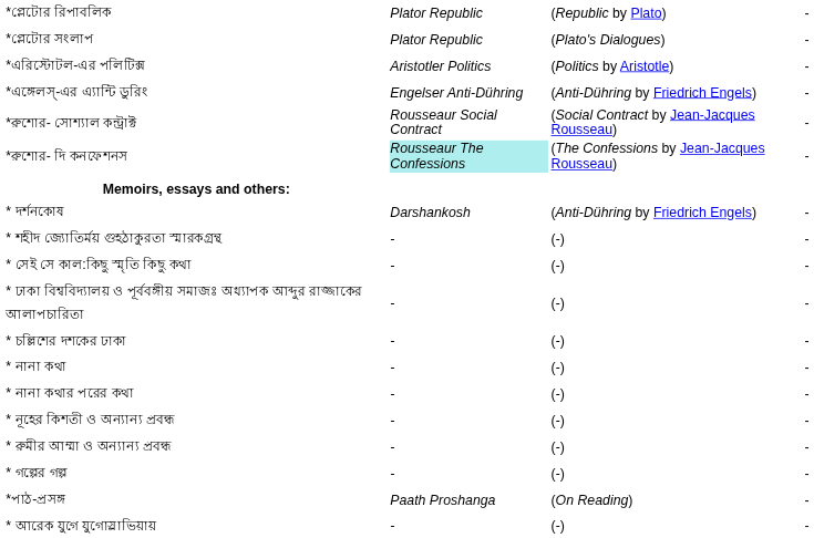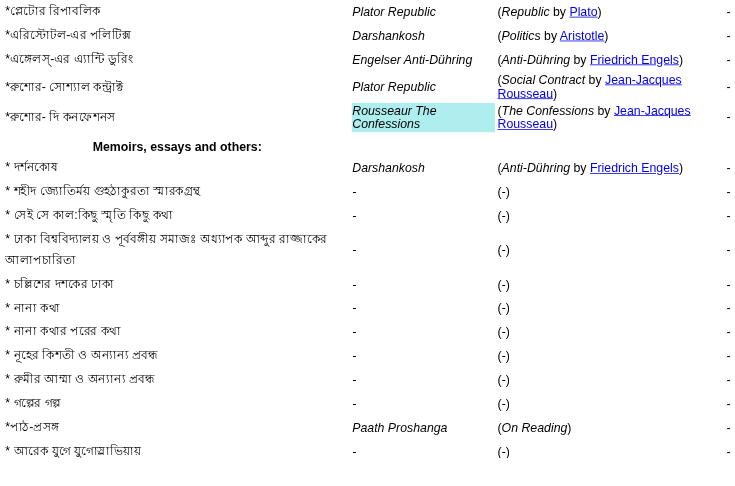 <table width = 75%>
 <tr>
 <td>*প্লেটোর রিপাবলিক</td>
 <td><em>Plator Republic</em></td>
 <td>(<em>Republic</em> by <a href='#'>Plato</a>)</td>
 <td>-</td>
 </tr>
 <tr>
-<td>*প্লেটোর সংলাপ</td>
-<td><em>Plator Republic</em></td>
-<td>(<em>Plato's Dialogues</em>)</td>
-<td>-</td>
-</tr>
-<tr>
 <td>*এরিস্টোটল-এর পলিটিক্স</td>
-<td><em>Aristotler Politics</em></td>
+<td><em>Darshankosh</em></td>
 <td>(<em>Politics</em> by <a href='#'>Aristotle</a>)</td>
 <td>-</td>
 </tr>
 <tr>
 <td>*এঙ্গেলস্‌-এর এ্যান্টি ডুরিং</td>
 <td><em>Engelser Anti-Dühring </em></td>
 <td>(<em>Anti-Dühring</em> by <a href='#'>Friedrich Engels</a>)</td>
 <td>-</td>
 </tr>
 <tr>
 <td>*রুশোর- সোশ্যাল কন্ট্রাক্ট</td>
-<td><em>Rousseaur Social Contract</em></td>
+<td><em>Plator Republic</em></td>
 <td>(<em>Social Contract</em> by <a href='#'>Jean-Jacques Rousseau</a>)</td>
 <td>-</td>
 </tr>
 <tr>
 <td>*রুশোর-  দি কনফেশনস</td>
 <td style="background: paleturquoise;"><em>Rousseaur The Confessions</em></td>
 <td>(<em>The Confessions</em> by <a href='#'>Jean-Jacques Rousseau</a>)</td>
 <td>-</td>
 </tr>
 <tr>
 </tr>
 <tr>
 </tr>
 <tr>
 </tr>
 <tr>
 </tr>
 <tr>
 <th>Memoirs, essays and others:</th>
 </tr>
 <tr>
 <td>* দর্শনকোষ</td>
 <td><em>Darshankosh</em></td>
 <td>(<em>Anti-Dühring</em> by <a href='#'>Friedrich Engels</a>)</td>
 <td>-</td>
 </tr>
 <tr>
 <td>* শহীদ জ্যোতির্ময় গুহঠাকুরতা স্মারকগ্রন্থ</td>
 <td><em>-</em></td>
 <td>(<em>-</em>)</td>
 <td>-</td>
 </tr>
 <tr>
 <td>* সেই সে কাল:কিছু স্মৃতি কিছু কথা</td>
 <td><em>-</em></td>
 <td>(<em>-</em>)</td>
 <td>-</td>
 </tr>
 <tr>
 <td>* ঢাকা বিশ্ববিদ্যালয় ও পূর্ববঙ্গীয় সমাজঃ অধ্যাপক আব্দুর রাজ্জাকের আলাপচারিতা</td>
 <td><em>-</em></td>
 <td>(<em>-</em>)</td>
 <td>-</td>
 </tr>
 <tr>
 <td>* চল্লিশের দশকের ঢাকা</td>
 <td><em>-</em></td>
 <td>(<em>-</em>)</td>
 <td>-</td>
 </tr>
 <tr>
 <td>* নানা কথা</td>
 <td><em>-</em></td>
 <td>(<em>-</em>)</td>
 <td>-</td>
 </tr>
 <tr>
 <td>* নানা কথার পরের কথা</td>
 <td><em>-</em></td>
 <td>(<em>-</em>)</td>
 <td>-</td>
 </tr>
 <tr>
 <td>* নূহের কিশতী ও অন্যান্য প্রবন্ধ</td>
 <td><em>-</em></td>
 <td>(<em>-</em>)</td>
 <td>-</td>
 </tr>
 <tr>
 <td>* রুমীর আম্মা ও অন্যান্য প্রবন্ধ</td>
 <td><em>-</em></td>
 <td>(<em>-</em>)</td>
 <td>-</td>
 </tr>
 <tr>
 <td>* গল্পের গল্প</td>
 <td><em>-</em></td>
 <td>(<em>-</em>)</td>
 <td>-</td>
 </tr>
 <tr>
 <td>*পাঠ-প্রসঙ্গ</td>
 <td><em>Paath Proshanga</em></td>
 <td>(<em>On Reading</em>)</td>
 <td>-</td>
 </tr>
 <tr>
 <td>* আরেক যুগে যুগোস্লাভিয়ায়</td>
 <td><em>-</em></td>
 <td>(<em>-</em>)</td>
 <td>-</td>
 </tr>
 <tr>
 </tr>
 </table>
